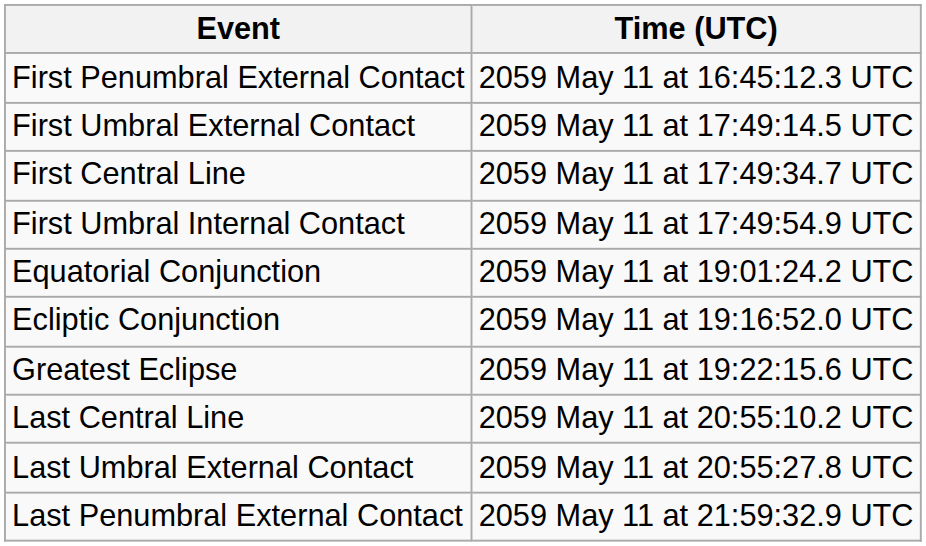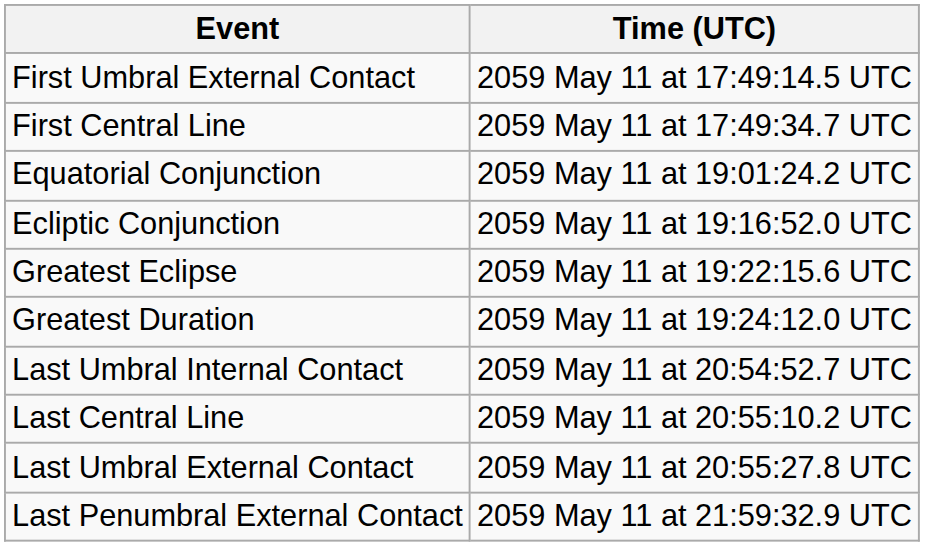 <table class="wikitable">
 <tr>
 <th>Event</th>
 <th>Time (UTC)</th>
-</tr>
-<tr>
-<td>First Penumbral External Contact</td>
-<td>2059 May 11 at 16:45:12.3 UTC</td>
 </tr>
 <tr>
 <td>First Umbral External Contact</td>
 <td>2059 May 11 at 17:49:14.5 UTC</td>
 </tr>
 <tr>
 <td>First Central Line</td>
 <td>2059 May 11 at 17:49:34.7 UTC</td>
-</tr>
-<tr>
-<td>First Umbral Internal Contact</td>
-<td>2059 May 11 at 17:49:54.9 UTC</td>
 </tr>
 <tr>
 <td>Equatorial Conjunction</td>
 <td>2059 May 11 at 19:01:24.2 UTC</td>
 </tr>
 <tr>
 <td>Ecliptic Conjunction</td>
 <td>2059 May 11 at 19:16:52.0 UTC</td>
 </tr>
 <tr>
 <td>Greatest Eclipse</td>
 <td>2059 May 11 at 19:22:15.6 UTC</td>
 </tr>
 <tr>
+<td>Greatest Duration</td>
+<td>2059 May 11 at 19:24:12.0 UTC</td>
+</tr>
+<tr>
+<td>Last Umbral Internal Contact</td>
+<td>2059 May 11 at 20:54:52.7 UTC</td>
+</tr>
+<tr>
 <td>Last Central Line</td>
 <td>2059 May 11 at 20:55:10.2 UTC</td>
 </tr>
 <tr>
 <td>Last Umbral External Contact</td>
 <td>2059 May 11 at 20:55:27.8 UTC</td>
 </tr>
 <tr>
 <td>Last Penumbral External Contact</td>
 <td>2059 May 11 at 21:59:32.9 UTC</td>
 </tr>
 </table>
